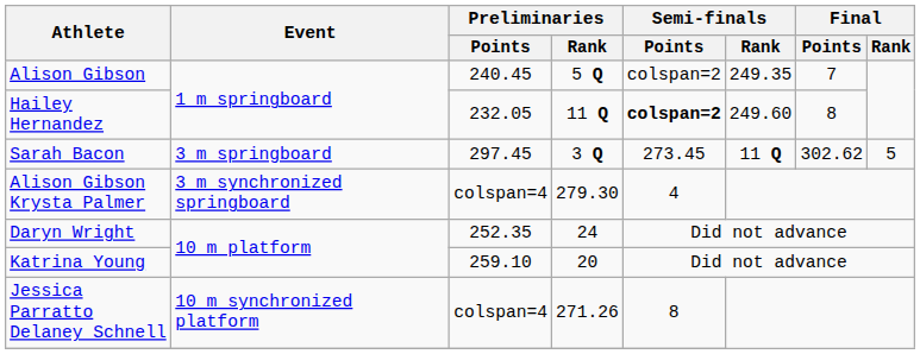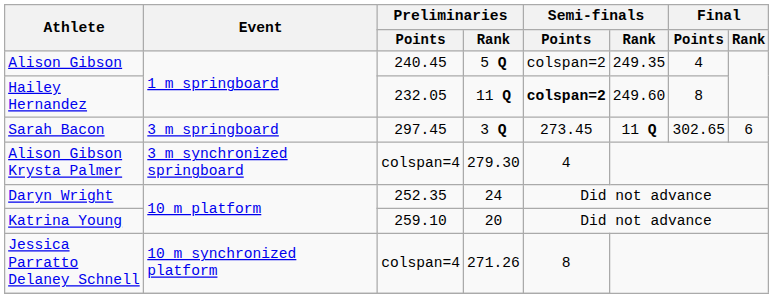 <table class="wikitable" style="text-align:center; font-size:90%;">
 <tr>
 <th rowspan=2>Athlete</th>
 <th rowspan=2>Event</th>
 <th colspan=2>Preliminaries</th>
 <th colspan=2>Semi-finals</th>
 <th colspan=2>Final</th>
 </tr>
 <tr style="font-size:95%">
 <th>Points</th>
 <th>Rank</th>
 <th>Points</th>
 <th>Rank</th>
 <th>Points</th>
 <th>Rank</th>
 </tr>
 <tr>
 <td align=left><a href='#'>Alison Gibson</a></td>
 <td align=left rowspan=2><a href='#'>1 m springboard</a></td>
 <td>240.45</td>
 <td>5 <strong>Q</strong></td>
 <td>colspan=2 </td>
 <td>249.35</td>
-<td>7</td>
+<td>4</td>
 </tr>
 <tr>
 <td align=left><a href='#'>Hailey Hernandez</a></td>
 <td>232.05</td>
 <td>11 <strong>Q</strong></td>
 <td><strong>colspan=2 </strong></td>
 <td>249.60</td>
 <td>8</td>
 </tr>
 <tr>
 <td align=left><a href='#'>Sarah Bacon</a></td>
 <td align=left><a href='#'>3 m springboard</a></td>
 <td>297.45</td>
 <td>3 <strong>Q</strong></td>
 <td>273.45</td>
 <td>11 <strong>Q</strong></td>
-<td>302.62</td>
-<td>5</td>
+<td>302.65</td>
+<td>6</td>
 </tr>
 <tr>
 <td align=left><a href='#'>Alison Gibson</a><br> <a href='#'>Krysta Palmer</a></td>
 <td align=left><a href='#'>3 m synchronized springboard</a></td>
 <td>colspan=4 </td>
 <td>279.30</td>
 <td>4</td>
 </tr>
 <tr>
 <td align=left><a href='#'>Daryn Wright</a></td>
 <td align=left rowspan=2><a href='#'>10 m platform</a></td>
 <td>252.35</td>
 <td>24</td>
 <td colspan=4>Did not advance</td>
 </tr>
 <tr>
 <td align=left><a href='#'>Katrina Young</a></td>
 <td>259.10</td>
 <td>20</td>
 <td colspan=4>Did not advance</td>
 </tr>
 <tr>
 <td align=left><a href='#'>Jessica Parratto</a><br> <a href='#'>Delaney Schnell</a></td>
 <td align=left><a href='#'>10 m synchronized platform</a></td>
 <td>colspan=4 </td>
 <td>271.26</td>
 <td>8</td>
 </tr>
 <tr>
 </tr>
 </table>
